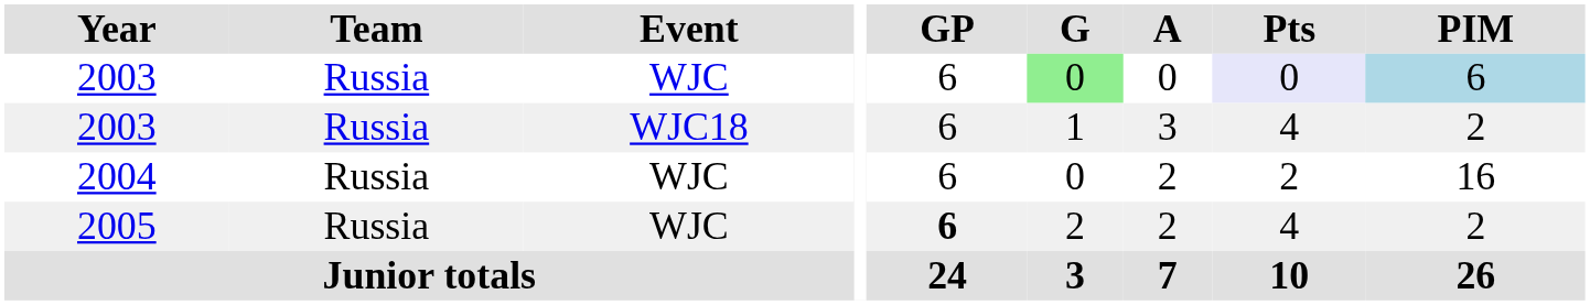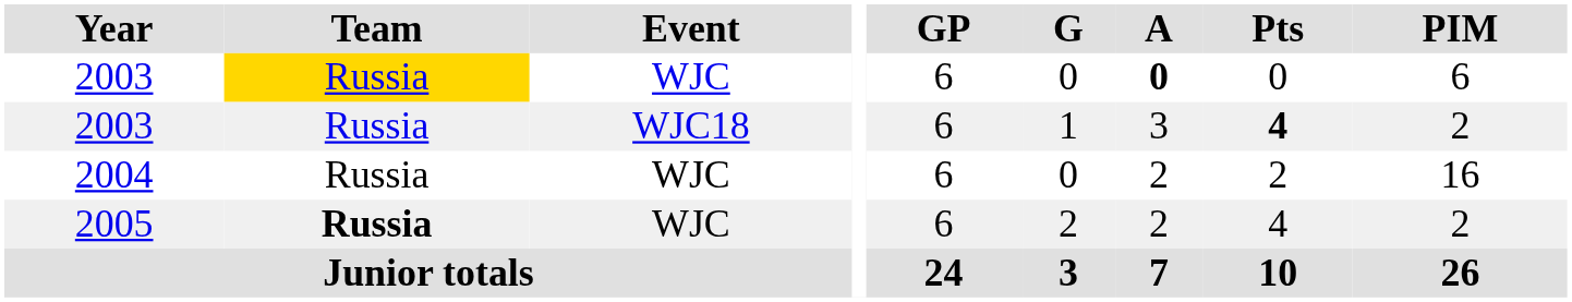 <table border="0" cellpadding="1" cellspacing="0" ID="Table3" style="text-align:center; width:40em">
 <tr ALIGN="center" bgcolor="#e0e0e0">
 <th>Year</th>
 <th>Team</th>
 <th>Event</th>
 <th rowspan="99" bgcolor="#ffffff"></th>
 <th>GP</th>
 <th>G</th>
 <th>A</th>
 <th>Pts</th>
 <th>PIM</th>
 </tr>
 <tr>
 <td><a href='#'>2003</a></td>
-<td><a href='#'>Russia</a></td>
+<td style="background: gold;"><a href='#'>Russia</a></td>
 <td><a href='#'>WJC</a></td>
 <td>6</td>
-<td style="background: lightgreen;">0</td>
 <td>0</td>
-<td style="background: lavender;">0</td>
-<td style="background: lightblue;">6</td>
+<td><strong>0</strong></td>
+<td>0</td>
+<td>6</td>
 </tr>
 <tr bgcolor="#f0f0f0">
 <td><a href='#'>2003</a></td>
 <td><a href='#'>Russia</a></td>
 <td><a href='#'>WJC18</a></td>
 <td>6</td>
 <td>1</td>
 <td>3</td>
-<td>4</td>
+<td><strong>4</strong></td>
 <td>2</td>
 </tr>
 <tr>
 <td><a href='#'>2004</a></td>
 <td>Russia</td>
 <td>WJC</td>
 <td>6</td>
 <td>0</td>
 <td>2</td>
 <td>2</td>
 <td>16</td>
 </tr>
 <tr bgcolor="#f0f0f0">
 <td><a href='#'>2005</a></td>
-<td>Russia</td>
+<td><strong>Russia</strong></td>
 <td>WJC</td>
-<td><strong>6</strong></td>
+<td>6</td>
 <td>2</td>
 <td>2</td>
 <td>4</td>
 <td>2</td>
 </tr>
 <tr bgcolor="#e0e0e0">
 <th colspan="3">Junior totals</th>
 <th>24</th>
 <th>3</th>
 <th>7</th>
 <th>10</th>
 <th>26</th>
 </tr>
 </table>
